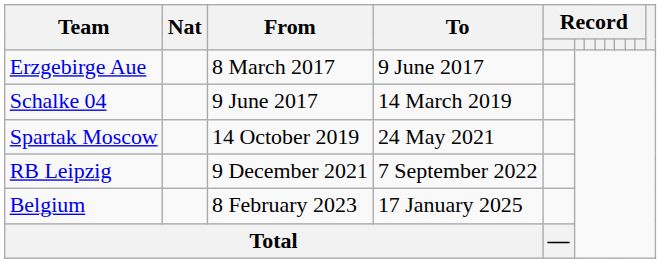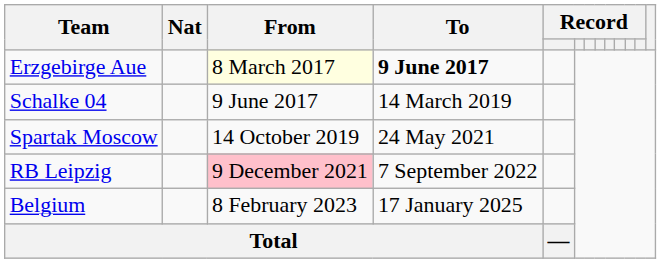 <table class="wikitable" style="text-align: center">
 <tr>
 <th rowspan="2">Team</th>
 <th rowspan="2">Nat</th>
 <th rowspan="2">From</th>
 <th rowspan="2">To</th>
 <th colspan="8">Record</th>
 <th rowspan=2></th>
 </tr>
 <tr>
 <th></th>
 <th></th>
 <th></th>
 <th></th>
 <th></th>
 <th></th>
 <th></th>
 <th></th>
 </tr>
 <tr>
 <td align=left><a href='#'>Erzgebirge Aue</a></td>
 <td></td>
-<td align=left>8 March 2017</td>
-<td align=left>9 June 2017<br></td>
+<td align=left style="background: lightyellow;">8 March 2017</td>
+<td align=left><strong>9 June 2017<br></strong></td>
 <td></td>
 </tr>
 <tr>
 <td align=left><a href='#'>Schalke 04</a></td>
 <td></td>
 <td align=left>9 June 2017</td>
 <td align=left>14 March 2019<br></td>
 <td></td>
 </tr>
 <tr>
 <td align=left><a href='#'>Spartak Moscow</a></td>
 <td></td>
 <td align=left>14 October 2019</td>
 <td align=left>24 May 2021<br></td>
 <td></td>
 </tr>
 <tr>
 <td align=left><a href='#'>RB Leipzig</a></td>
 <td></td>
-<td align=left>9 December 2021</td>
+<td align=left style="background: pink;">9 December 2021</td>
 <td align=left>7 September 2022<br></td>
 <td></td>
 </tr>
 <tr>
 <td align=left><a href='#'>Belgium</a></td>
 <td></td>
 <td align=left>8 February 2023</td>
 <td align=left>17 January 2025<br></td>
 <td></td>
 </tr>
 <tr>
 <th colspan="4">Total<br></th>
 <th>—</th>
 </tr>
 </table>
